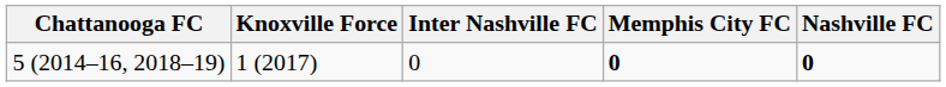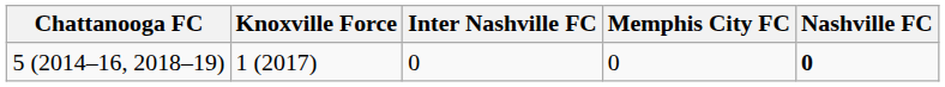 <table class="wikitable" style="margin-left: auto; margin-right: auto; border: none;">
 <tr>
 <th scope="col">Chattanooga FC</th>
 <th scope="col">Knoxville Force</th>
 <th scope="col">Inter Nashville FC</th>
 <th scope="col">Memphis City FC</th>
 <th scope="col">Nashville FC</th>
 </tr>
 <tr>
 <td>5 (2014–16, 2018–19)</td>
 <td>1 (2017)</td>
 <td>0</td>
-<td><strong>0</strong></td>
+<td>0</td>
 <td><strong>0</strong></td>
 </tr>
 <tr>
 </tr>
 </table>
